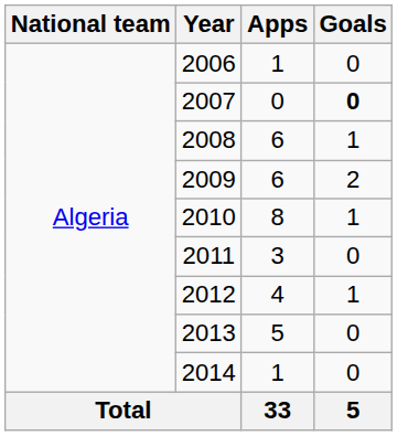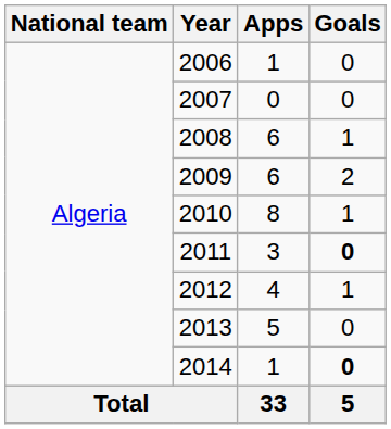 <table class="wikitable" style="text-align:center">
 <tr>
 <th>National team</th>
 <th>Year</th>
 <th>Apps</th>
 <th>Goals</th>
 </tr>
 <tr>
 <td rowspan="9"><a href='#'>Algeria</a></td>
 <td>2006</td>
 <td>1</td>
 <td>0</td>
 </tr>
 <tr>
 <td>2007</td>
 <td>0</td>
-<td><strong>0</strong></td>
+<td>0</td>
 </tr>
 <tr>
 <td>2008</td>
 <td>6</td>
 <td>1</td>
 </tr>
 <tr>
 <td>2009</td>
 <td>6</td>
 <td>2</td>
 </tr>
 <tr>
 <td>2010</td>
 <td>8</td>
 <td>1</td>
 </tr>
 <tr>
 <td>2011</td>
 <td>3</td>
-<td>0</td>
+<td><strong>0</strong></td>
 </tr>
 <tr>
 <td>2012</td>
 <td>4</td>
 <td>1</td>
 </tr>
 <tr>
 <td>2013</td>
 <td>5</td>
 <td>0</td>
 </tr>
 <tr>
 <td>2014</td>
 <td>1</td>
-<td>0</td>
+<td><strong>0</strong></td>
 </tr>
 <tr>
 <th colspan="2">Total</th>
 <th>33</th>
 <th>5</th>
 </tr>
 </table>
